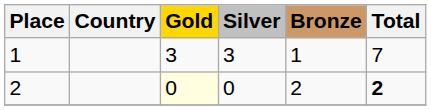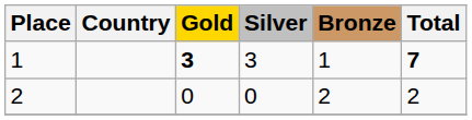 <table class="wikitable">
 <tr>
 <th>Place</th>
 <th>Country</th>
 <th style="background-color:#FFD700;">Gold</th>
 <th style="background-color:#C0C0C0;">Silver</th>
 <th style="background-color:#CC9966;">Bronze</th>
 <th>Total</th>
 </tr>
 <tr>
 <td>1</td>
 <td></td>
-<td>3</td>
+<td><strong>3</strong></td>
 <td>3</td>
 <td>1</td>
-<td>7</td>
+<td><strong>7</strong></td>
 </tr>
 <tr>
 <td>2</td>
 <td></td>
-<td style="background: lightyellow;">0</td>
+<td>0</td>
 <td>0</td>
 <td>2</td>
-<td><strong>2</strong></td>
+<td>2</td>
 </tr>
 <tr>
 </tr>
 </table>
